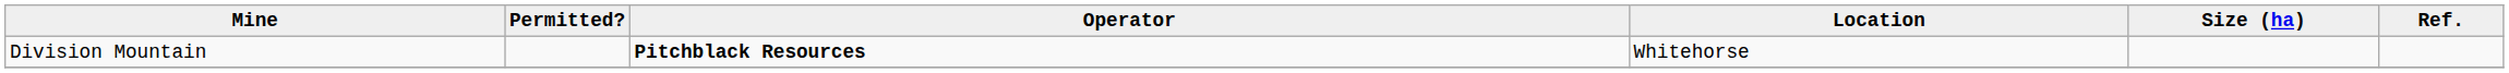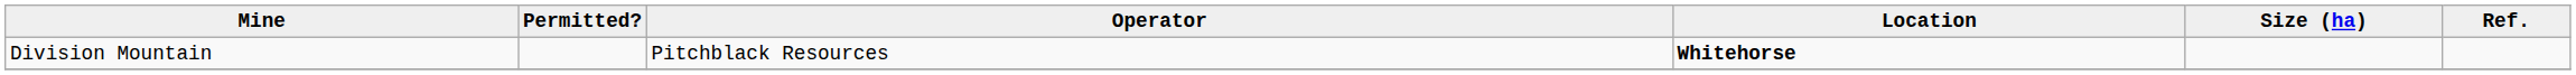 <table class="wikitable sortable">
 <tr>
 <th style="background:#efefef;" width=20%>Mine</th>
 <th style="background:#efefef;" width=5%>Permitted?</th>
 <th style="background:#efefef;" width=40%>Operator</th>
 <th style="background:#efefef;" width=20%>Location</th>
 <th style="background:#efefef;" width=10%>Size (<a href='#'>ha</a>)</th>
 <th style="background:#efefef;" width=5% class="unsortable">Ref.</th>
 </tr>
 <tr>
 <td>Division Mountain</td>
 <td></td>
-<td><strong>Pitchblack Resources</strong></td>
-<td>Whitehorse</td>
+<td>Pitchblack Resources</td>
+<td><strong>Whitehorse</strong></td>
 <td></td>
 <td align="center"></td>
 </tr>
 <tr>
 </tr>
 </table>
